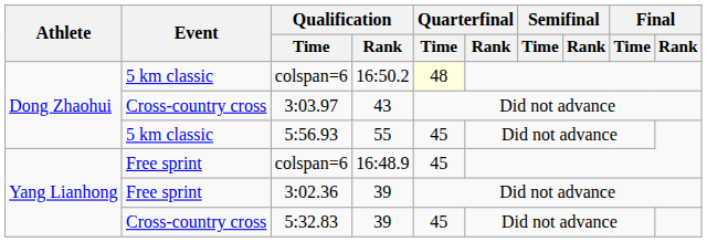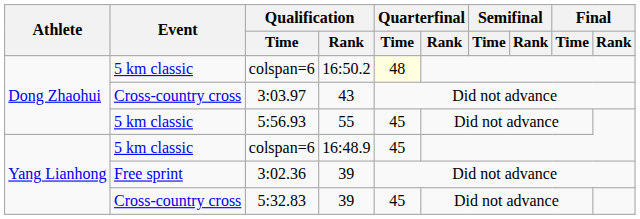 <table class="wikitable" style="font-size:90%">
 <tr>
 <th rowspan="2">Athlete</th>
 <th rowspan="2">Event</th>
 <th colspan="2">Qualification</th>
 <th colspan="2">Quarterfinal</th>
 <th colspan="2">Semifinal</th>
 <th colspan="2">Final</th>
 </tr>
 <tr style="font-size:95%">
 <th>Time</th>
 <th>Rank</th>
 <th>Time</th>
 <th>Rank</th>
 <th>Time</th>
 <th>Rank</th>
 <th>Time</th>
 <th>Rank</th>
 </tr>
 <tr align=center>
 <td align=left rowspan=3><a href='#'>Dong Zhaohui</a></td>
 <td align=left><a href='#'>5 km classic</a></td>
 <td>colspan=6 </td>
 <td>16:50.2</td>
 <td style="background: lightyellow;">48</td>
 </tr>
 <tr align=center>
 <td align=left><a href='#'>Cross-country cross</a></td>
 <td>3:03.97</td>
 <td>43</td>
 <td colspan=6>Did not advance</td>
 </tr>
 <tr align=center>
 <td align=left><a href='#'>5 km classic</a></td>
 <td>5:56.93</td>
 <td>55</td>
 <td>45</td>
 <td colspan=4>Did not advance</td>
 </tr>
 <tr align=center>
 <td align=left rowspan=3><a href='#'>Yang Lianhong</a></td>
-<td align=left><a href='#'>Free sprint</a></td>
+<td align=left><a href='#'>5 km classic</a></td>
 <td>colspan=6 </td>
 <td>16:48.9</td>
 <td>45</td>
 </tr>
 <tr align=center>
 <td align=left><a href='#'>Free sprint</a></td>
 <td>3:02.36</td>
 <td>39</td>
 <td colspan=6>Did not advance</td>
 </tr>
 <tr align=center>
 <td align=left><a href='#'>Cross-country cross</a></td>
 <td>5:32.83</td>
 <td>39</td>
 <td>45</td>
 <td colspan=4>Did not advance</td>
 </tr>
 </table>
